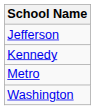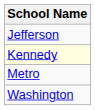 <table class="wikitable">
 <tr>
 <th>School Name</th>
 </tr>
 <tr>
 <td><a href='#'>Jefferson</a></td>
 </tr>
 <tr>
-<td><a href='#'>Kennedy</a></td>
+<td style="background: lightyellow;"><a href='#'>Kennedy</a></td>
 </tr>
 <tr>
 <td><a href='#'>Metro</a></td>
 </tr>
 <tr>
 <td><a href='#'>Washington</a></td>
 </tr>
 </table>
